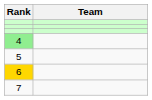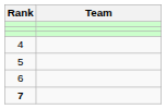 <table class="wikitable" style="text-align: center;">
 <tr>
 <th width=40>Rank</th>
 <th width=180>Team</th>
 </tr>
 <tr bgcolor=#ccffcc align=center>
 <td></td>
 <td style="text-align:left;"></td>
 </tr>
 <tr bgcolor=#ccffcc align=center>
 <td></td>
 <td style="text-align:left;"></td>
 </tr>
 <tr bgcolor=#ccffcc align=center>
 <td></td>
 <td style="text-align:left;"></td>
 </tr>
 <tr align=center>
-<td style="background: lightgreen;">4</td>
+<td>4</td>
 <td style="text-align:left;"></td>
 </tr>
 <tr align=center>
 <td>5</td>
 <td style="text-align:left;"></td>
 </tr>
 <tr align=center>
-<td style="background: gold;">6</td>
+<td>6</td>
 <td style="text-align:left;"></td>
 </tr>
 <tr align=center>
-<td>7</td>
+<td><strong>7</strong></td>
 <td style="text-align:left;"></td>
 </tr>
 </table>
